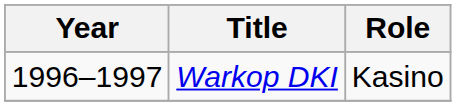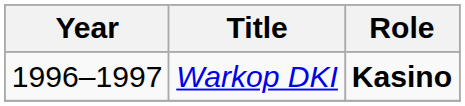 <table class="wikitable">
 <tr>
 <th>Year</th>
 <th>Title</th>
 <th>Role</th>
 </tr>
 <tr>
 <td align=center>1996–1997</td>
 <td><em><a href='#'>Warkop DKI</a></em></td>
-<td>Kasino</td>
+<td><strong>Kasino</strong></td>
 </tr>
 <tr>
 </tr>
 </table>
